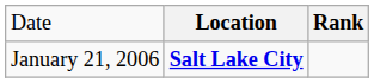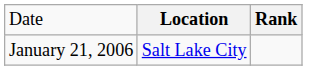 <table class="wikitable sortable" style="font-size:90%" style="text-align:center">
 <tr>
 <td>Date</td>
 <th>Location</th>
 <th>Rank</th>
 </tr>
 <tr>
 <td>January 21, 2006</td>
-<td><strong><a href='#'>Salt Lake City</a></strong></td>
+<td><a href='#'>Salt Lake City</a></td>
 <td></td>
 </tr>
 </table>
